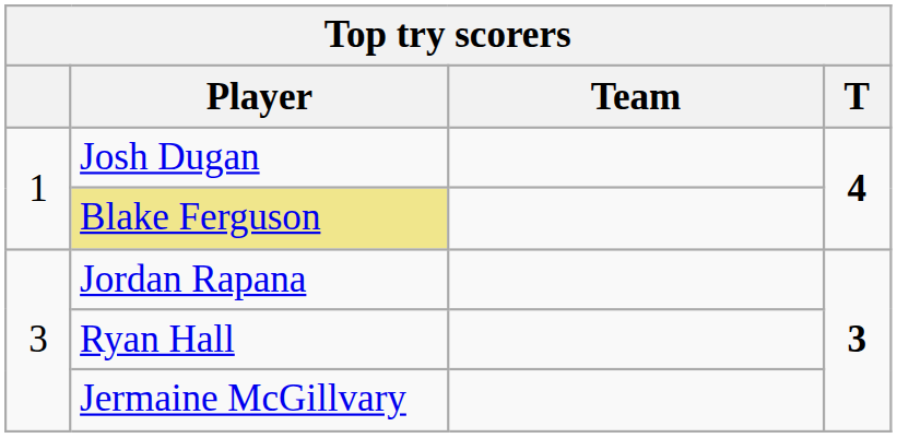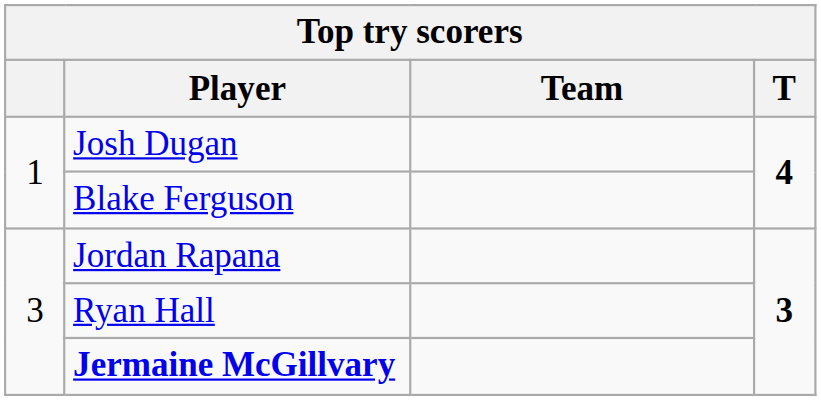 <table class="wikitable" style="text-align:center;">
 <tr>
 <th colspan="10"><strong>Top try scorers</strong></th>
 </tr>
 <tr>
 <th style="width:20px;" abbr="Position"></th>
 <th width=150>Player</th>
 <th width=150>Team</th>
 <th style="width:20px;" abbr="Tries">T</th>
 </tr>
 <tr>
 <td rowspan=2>1</td>
 <td style="text-align:left;"><a href='#'>Josh Dugan</a></td>
 <td></td>
 <td rowspan=2><strong>4</strong></td>
 </tr>
 <tr>
-<td style="background: khaki; text-align:left;"><a href='#'>Blake Ferguson</a></td>
+<td style="text-align:left;"><a href='#'>Blake Ferguson</a></td>
 <td></td>
 </tr>
 <tr>
 <td rowspan=3>3</td>
 <td style="text-align:left;"><a href='#'>Jordan Rapana</a></td>
 <td></td>
 <td rowspan=3><strong>3</strong></td>
 </tr>
 <tr>
 <td style="text-align:left;"><a href='#'>Ryan Hall</a></td>
 <td></td>
 </tr>
 <tr>
-<td style="text-align:left;"><a href='#'>Jermaine McGillvary</a></td>
+<td style="text-align:left;"><strong><a href='#'>Jermaine McGillvary</a></strong></td>
 <td></td>
 </tr>
 </table>
